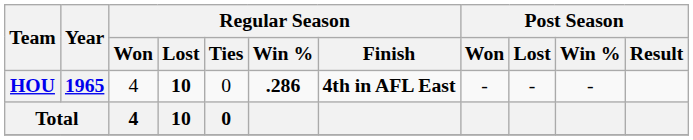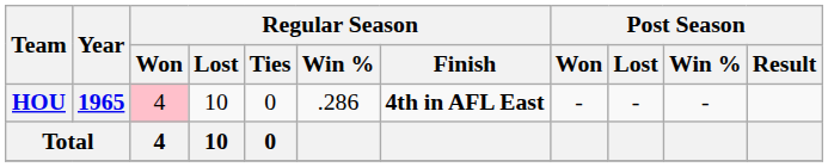 <table class="wikitable" style="font-size: 90%; text-align:center;">
 <tr>
 <th rowspan="2">Team</th>
 <th rowspan="2">Year</th>
 <th colspan="5">Regular Season</th>
 <th colspan="4">Post Season</th>
 </tr>
 <tr>
 <th>Won</th>
 <th>Lost</th>
 <th>Ties</th>
 <th>Win %</th>
 <th>Finish</th>
 <th>Won</th>
 <th>Lost</th>
 <th>Win %</th>
 <th>Result</th>
 </tr>
 <tr>
 <th><a href='#'>HOU</a></th>
 <th><a href='#'>1965</a></th>
-<td>4</td>
-<td><strong>10</strong></td>
+<td style="background: pink;">4</td>
+<td>10</td>
 <td>0</td>
-<td><strong>.286</strong></td>
+<td>.286</td>
 <td><strong>4th in AFL East</strong></td>
 <td>-</td>
 <td>-</td>
 <td>-</td>
 <td></td>
 </tr>
 <tr>
 <th colspan="2">Total</th>
 <th>4</th>
 <th>10</th>
 <th>0</th>
 <th></th>
 <th></th>
 <th></th>
 <th></th>
 <th></th>
 <th></th>
 </tr>
 <tr>
 </tr>
 </table>
